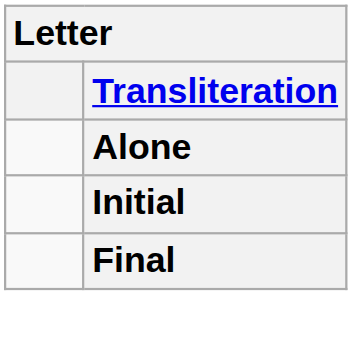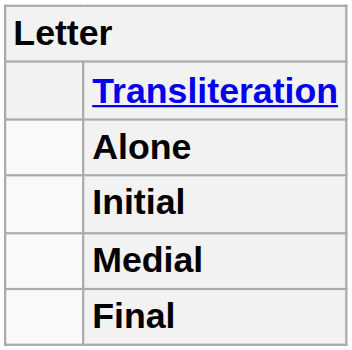 <table class="wikitable" style="text-align: center; display: inline-table;">
 <tr>
 <th colspan="2" style="text-align: left">Letter</th>
 </tr>
 <tr>
 <th style="min-width: 1.75em"></th>
 <th style="text-align: left"><a href='#'>Transliteration</a></th>
 </tr>
 <tr>
 <td></td>
 <th style="text-align: left">Alone</th>
 </tr>
 <tr>
 <td></td>
 <th style="text-align: left">Initial</th>
 </tr>
 <tr>
 <td></td>
+<th style="text-align: left">Medial</th>
+</tr>
+<tr>
+<td></td>
 <th style="text-align: left">Final</th>
 </tr>
 </table>
